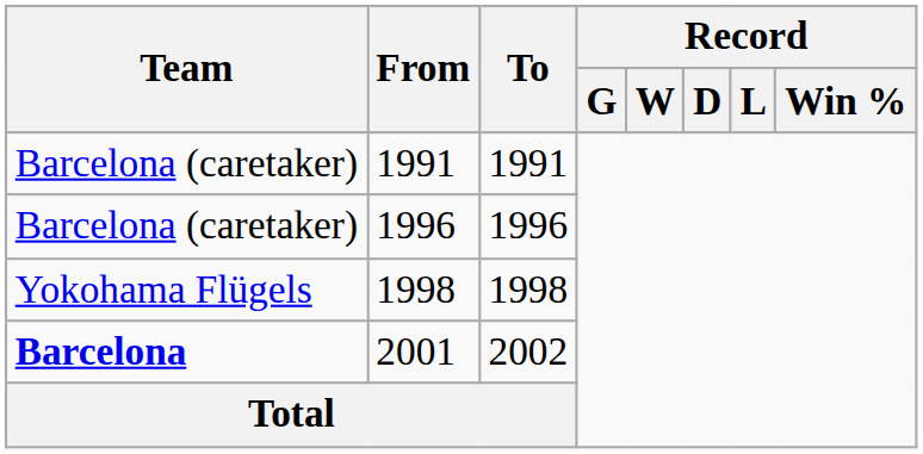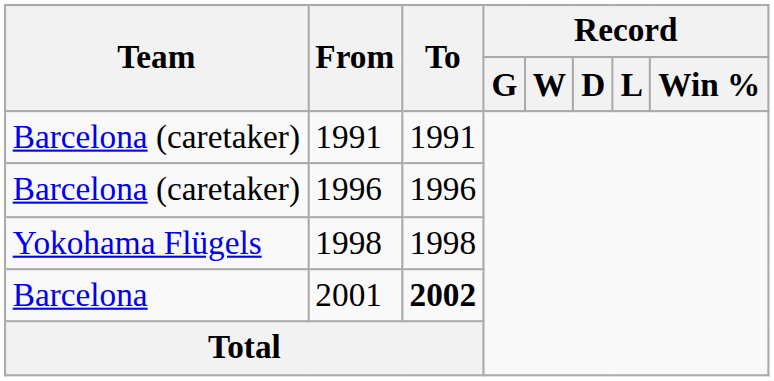 <table class="wikitable" style="text-align: center">
 <tr>
 <th rowspan="2">Team</th>
 <th rowspan="2">From</th>
 <th rowspan="2">To</th>
 <th colspan="5">Record</th>
 </tr>
 <tr>
 <th>G</th>
 <th>W</th>
 <th>D</th>
 <th>L</th>
 <th>Win %</th>
 </tr>
 <tr>
 <td align="left"><a href='#'>Barcelona</a> (caretaker)</td>
 <td align="left">1991</td>
 <td align="left">1991<br></td>
 </tr>
 <tr>
 <td align="left"><a href='#'>Barcelona</a> (caretaker)</td>
 <td align="left">1996</td>
 <td align="left">1996<br></td>
 </tr>
 <tr>
 <td align="left"><a href='#'>Yokohama Flügels</a></td>
 <td align="left">1998</td>
 <td align="left">1998<br></td>
 </tr>
 <tr>
-<td align="left"><strong><a href='#'>Barcelona</a></strong></td>
+<td align="left"><a href='#'>Barcelona</a></td>
 <td align="left">2001</td>
-<td align="left">2002<br></td>
+<td align="left"><strong>2002<br></strong></td>
 </tr>
 <tr>
 <th colspan="3">Total<br></th>
 </tr>
 </table>
